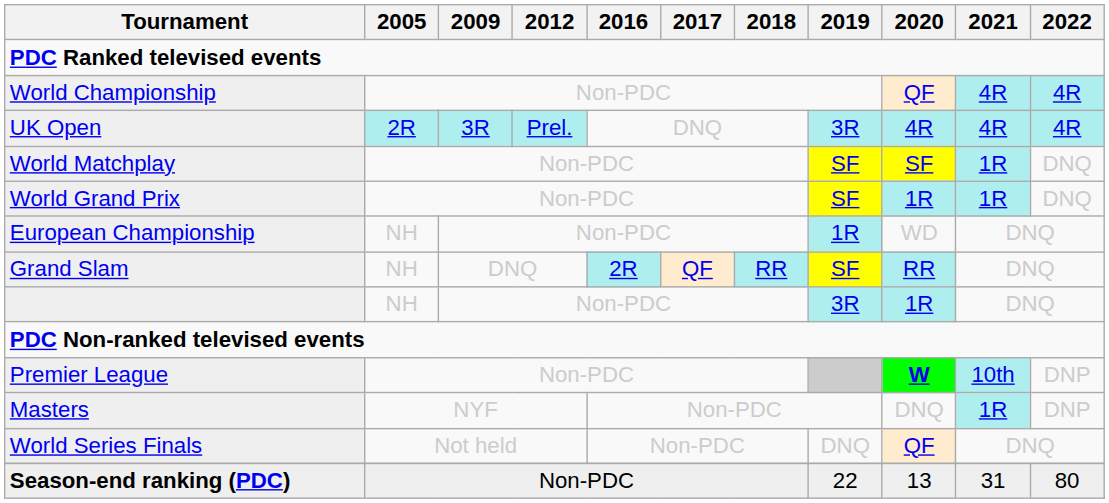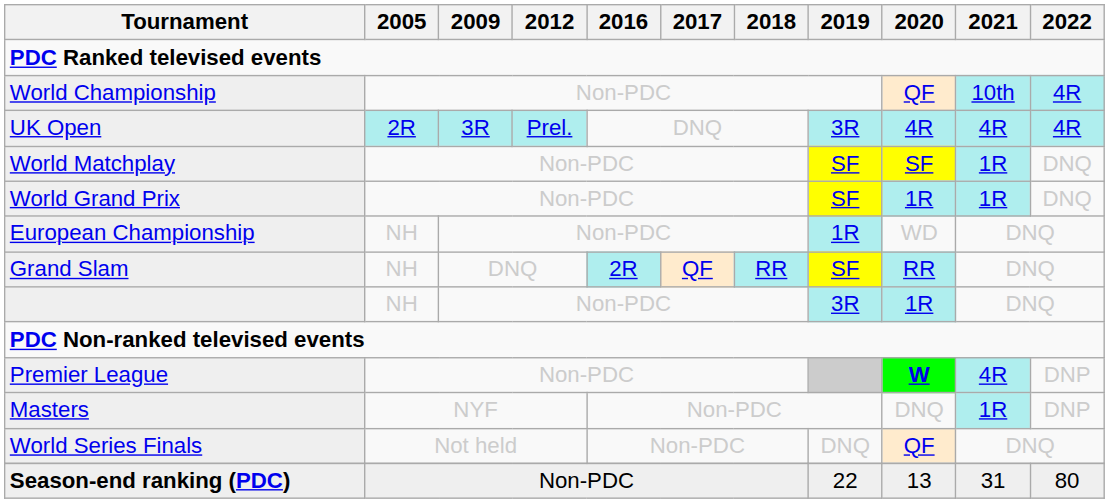 <table class="wikitable" style="width:50%; margin:0">
 <tr>
 <th>Tournament</th>
 <th>2005</th>
 <th>2009</th>
 <th>2012</th>
 <th>2016</th>
 <th>2017</th>
 <th>2018</th>
 <th>2019</th>
 <th>2020</th>
 <th>2021</th>
 <th>2022</th>
 </tr>
 <tr>
 <td colspan="21" align="left"><strong><a href='#'>PDC</a> Ranked televised events</strong></td>
 </tr>
 <tr>
 <td style="background:#efefef;"><a href='#'>World Championship</a></td>
 <td colspan="7" style="text-align:center; color:#ccc;">Non-PDC</td>
 <td style="text-align:center; background:#ffebcd;"><a href='#'>QF</a></td>
-<td style="text-align:center; background:#afeeee;"><a href='#'>4R</a></td>
+<td style="text-align:center; background:#afeeee;"><a href='#'>10th</a></td>
 <td style="text-align:center; background:#afeeee;"><a href='#'>4R</a></td>
 </tr>
 <tr>
 <td style="background:#efefef;"><a href='#'>UK Open</a></td>
 <td style="text-align:center; background:#afeeee;"><a href='#'>2R</a></td>
 <td style="text-align:center; background:#afeeee;"><a href='#'>3R</a></td>
 <td style="text-align:center; background:#afeeee;"><a href='#'>Prel.</a></td>
 <td colspan="3" style="text-align:center; color:#ccc;">DNQ</td>
 <td style="text-align:center; background:#afeeee;"><a href='#'>3R</a></td>
 <td style="text-align:center; background:#afeeee;"><a href='#'>4R</a></td>
 <td style="text-align:center; background:#afeeee;"><a href='#'>4R</a></td>
 <td style="text-align:center; background:#afeeee;"><a href='#'>4R</a></td>
 </tr>
 <tr>
 <td style="background:#efefef;"><a href='#'>World Matchplay</a></td>
 <td colspan="6" style="text-align:center; color:#ccc;">Non-PDC</td>
 <td style="text-align:center; background:yellow;"><a href='#'>SF</a></td>
 <td style="text-align:center; background:yellow;"><a href='#'>SF</a></td>
 <td style="text-align:center; background:#afeeee;"><a href='#'>1R</a></td>
 <td style="text-align:center; color:#ccc;">DNQ</td>
 </tr>
 <tr>
 <td style="background:#efefef;"><a href='#'>World Grand Prix</a></td>
 <td colspan="6" style="text-align:center; color:#ccc;">Non-PDC</td>
 <td style="text-align:center; background:yellow;"><a href='#'>SF</a></td>
 <td style="text-align:center; background:#afeeee;"><a href='#'>1R</a></td>
 <td style="text-align:center; background:#afeeee;"><a href='#'>1R</a></td>
 <td style="text-align:center; color:#ccc;">DNQ</td>
 </tr>
 <tr>
 <td style="background:#efefef;"><a href='#'>European Championship</a></td>
 <td style="text-align:center; color:#ccc;">NH</td>
 <td colspan="5" style="text-align:center; color:#ccc;">Non-PDC</td>
 <td style="text-align:center; background:#afeeee;"><a href='#'>1R</a></td>
 <td style="text-align:center; color:#ccc;">WD</td>
 <td colspan="3" style="text-align:center; color:#ccc;">DNQ</td>
 </tr>
 <tr>
 <td style="background:#efefef;"><a href='#'>Grand Slam</a></td>
 <td style="text-align:center; color:#ccc;">NH</td>
 <td colspan="2" style="text-align:center; color:#ccc;">DNQ</td>
 <td style="text-align:center; background:#afeeee;"><a href='#'>2R</a></td>
 <td style="text-align:center; background:#ffebcd;"><a href='#'>QF</a></td>
 <td style="text-align:center; background:#afeeee;"><a href='#'>RR</a></td>
 <td style="text-align:center; background:yellow;"><a href='#'>SF</a></td>
 <td style="text-align:center; background:#afeeee;"><a href='#'>RR</a></td>
 <td colspan="3" style="text-align:center; color:#ccc;">DNQ</td>
 </tr>
 <tr>
 <td style="background:#efefef;"></td>
 <td style="text-align:center; color:#ccc;">NH</td>
 <td colspan="5" style="text-align:center; color:#ccc;">Non-PDC</td>
 <td style="text-align:center; background:#afeeee;"><a href='#'>3R</a></td>
 <td style="text-align:center; background:#afeeee;"><a href='#'>1R</a></td>
 <td colspan="3" style="text-align:center; color:#ccc;">DNQ</td>
 </tr>
 <tr>
 <td colspan="21" align="left"><strong><a href='#'>PDC</a> Non-ranked televised events</strong></td>
 </tr>
 <tr>
 <td style="background:#efefef;"><a href='#'>Premier League</a></td>
 <td colspan="6" style="text-align:center; color:#ccc;">Non-PDC</td>
 <td style="text-align:center; background:#ccc;"><a href='#'></a></td>
 <td style="text-align:center; background:lime;"><strong><a href='#'>W</a></strong></td>
-<td style="text-align:center; background:#afeeee;"><a href='#'>10th</a></td>
+<td style="text-align:center; background:#afeeee;"><a href='#'>4R</a></td>
 <td style="text-align:center; color:#ccc;">DNP</td>
 </tr>
 <tr>
 <td style="background:#efefef;"><a href='#'>Masters</a></td>
 <td colspan="3" style="text-align:center; color:#ccc;">NYF</td>
 <td colspan="4" style="text-align:center; color:#ccc;">Non-PDC</td>
 <td style="text-align:center; color:#ccc;">DNQ</td>
 <td style="text-align:center; background:#afeeee;"><a href='#'>1R</a></td>
 <td style="text-align:center; color:#ccc;">DNP</td>
 </tr>
 <tr>
 <td style="background:#efefef;"><a href='#'>World Series Finals</a></td>
 <td colspan="3" style="text-align:center; color:#ccc;">Not held</td>
 <td colspan="3"  style="text-align:center; color:#ccc;">Non-PDC</td>
 <td style="text-align:center; color:#ccc;">DNQ</td>
 <td style="text-align:center; background:#ffebcd;"><a href='#'>QF</a></td>
 <td colspan="2" style="text-align:center; color:#ccc;">DNQ</td>
 </tr>
 <tr>
 </tr>
 <tr bgcolor="efefef">
 <td align="left"><strong>Season-end ranking (<a href='#'>PDC</a>)</strong></td>
 <td colspan="6" style="text-align:center;">Non-PDC</td>
 <td style="text-align:center;">22</td>
 <td style="text-align:center;">13</td>
 <td style="text-align:center;">31</td>
 <td style="text-align:center;">80</td>
 </tr>
 </table>
